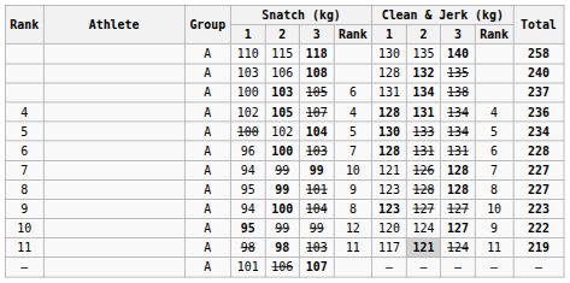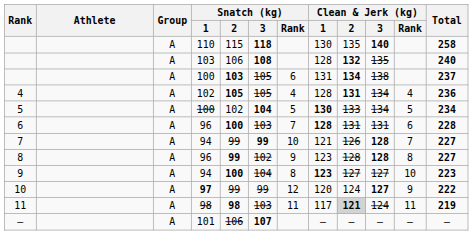 <table class = "wikitable" style="text-align:center;">
 <tr>
 <th rowspan=2 width=40>Rank</th>
 <th rowspan=2 width=250>Athlete</th>
 <th rowspan=2 width=50>Group</th>
 <th colspan=4>Snatch (kg)</th>
 <th colspan=4>Clean & Jerk (kg)</th>
 <th rowspan=2 width=60>Total</th>
 </tr>
 <tr>
 <th width=40>1</th>
 <th width=40>2</th>
 <th width=40>3</th>
 <th width=40>Rank</th>
 <th width=40>1</th>
 <th width=40>2</th>
 <th width=40>3</th>
 <th width=40>Rank</th>
 </tr>
 <tr>
 <td></td>
 <td align="left"></td>
 <td>A</td>
 <td>110</td>
 <td>115</td>
 <td><strong>118</strong></td>
 <td></td>
 <td>130</td>
 <td>135</td>
 <td><strong>140</strong></td>
 <td></td>
 <td><strong>258</strong></td>
 </tr>
 <tr>
 <td></td>
 <td align="left"></td>
 <td>A</td>
 <td>103</td>
 <td>106</td>
 <td><strong>108</strong></td>
 <td></td>
 <td>128</td>
 <td><strong>132</strong></td>
 <td><s>135</s></td>
 <td></td>
 <td><strong>240</strong></td>
 </tr>
 <tr>
 <td></td>
 <td align="left"></td>
 <td>A</td>
 <td>100</td>
 <td><strong>103</strong></td>
 <td><s>105</s></td>
 <td>6</td>
 <td>131</td>
 <td><strong>134</strong></td>
 <td><s>138</s></td>
 <td></td>
 <td><strong>237</strong></td>
 </tr>
 <tr>
 <td>4</td>
 <td align="left"></td>
 <td>A</td>
 <td>102</td>
 <td><strong>105</strong></td>
-<td><s>107</s></td>
+<td><s>105</s></td>
 <td>4</td>
-<td><strong>128</strong></td>
+<td>128</td>
 <td><strong>131</strong></td>
 <td><s>134</s></td>
 <td>4</td>
 <td><strong>236</strong></td>
 </tr>
 <tr>
 <td>5</td>
 <td align="left"></td>
 <td>A</td>
 <td><s>100</s></td>
 <td>102</td>
 <td><strong>104</strong></td>
 <td>5</td>
 <td><strong>130</strong></td>
 <td><s>133</s></td>
 <td><s>134</s></td>
 <td>5</td>
 <td><strong>234</strong></td>
 </tr>
 <tr>
 <td>6</td>
 <td align="left"></td>
 <td>A</td>
 <td>96</td>
 <td><strong>100</strong></td>
 <td><s>103</s></td>
 <td>7</td>
 <td><strong>128</strong></td>
 <td><s>131</s></td>
 <td><s>131</s></td>
 <td>6</td>
 <td><strong>228</strong></td>
 </tr>
 <tr>
 <td>7</td>
 <td align="left"></td>
 <td>A</td>
 <td>94</td>
 <td><s>99</s></td>
 <td><strong>99</strong></td>
 <td>10</td>
 <td>121</td>
 <td><s>126</s></td>
 <td><strong>128</strong></td>
 <td>7</td>
 <td><strong>227</strong></td>
 </tr>
 <tr>
 <td>8</td>
 <td align="left"></td>
 <td>A</td>
-<td>95</td>
+<td>96</td>
 <td><strong>99</strong></td>
-<td><s>101</s></td>
+<td><s>102</s></td>
 <td>9</td>
 <td>123</td>
 <td><s>128</s></td>
 <td><strong>128</strong></td>
 <td>8</td>
 <td><strong>227</strong></td>
 </tr>
 <tr>
 <td>9</td>
 <td align="left"></td>
 <td>A</td>
 <td>94</td>
 <td><strong>100</strong></td>
 <td><s>104</s></td>
 <td>8</td>
 <td><strong>123</strong></td>
 <td><s>127</s></td>
 <td><s>127</s></td>
 <td>10</td>
 <td><strong>223</strong></td>
 </tr>
 <tr>
 <td>10</td>
 <td align="left"></td>
 <td>A</td>
-<td><strong>95</strong></td>
+<td><strong>97</strong></td>
 <td><s>99</s></td>
 <td><s>99</s></td>
 <td>12</td>
 <td>120</td>
 <td>124</td>
 <td><strong>127</strong></td>
 <td>9</td>
 <td><strong>222</strong></td>
 </tr>
 <tr>
 <td>11</td>
 <td align="left"></td>
 <td>A</td>
 <td><s>98</s></td>
 <td><strong>98</strong></td>
 <td><s>103</s></td>
 <td>11</td>
 <td>117</td>
 <td style="background: lightgrey;"><strong>121</strong></td>
 <td><s>124</s></td>
 <td>11</td>
 <td><strong>219</strong></td>
 </tr>
 <tr>
 <td>—</td>
 <td align="left"></td>
 <td>A</td>
 <td>101</td>
 <td><s>106</s></td>
 <td><strong>107</strong></td>
 <td></td>
 <td>—</td>
 <td>—</td>
 <td>—</td>
 <td>—</td>
 <td>—</td>
 </tr>
 </table>
